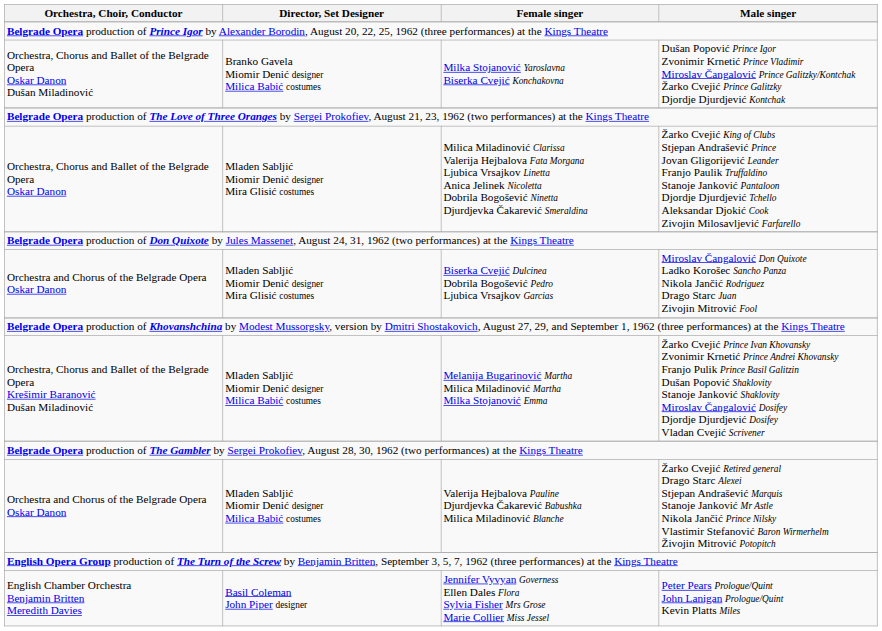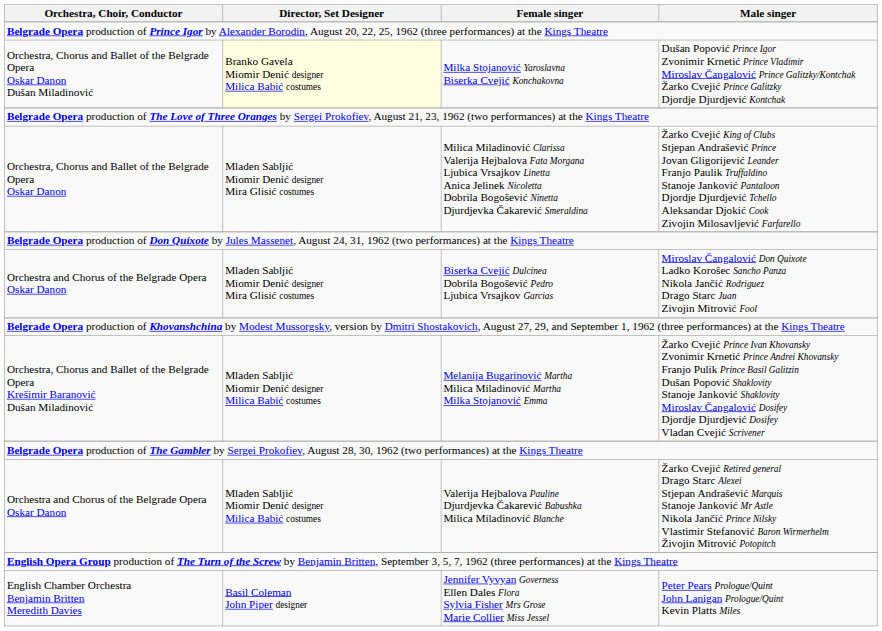 <table class="wikitable toptextcells">
 <tr class="hintergrundfarbe5">
 <th style="width:25%;">Orchestra, Choir, Conductor</th>
 <th style="width:25%;">Director, Set Designer</th>
 <th style="width:25%;">Female singer</th>
 <th style="width:25%;">Male singer</th>
 </tr>
 <tr>
 </tr>
 <tr class="hintergrundfarbe8">
 <td colspan="9"><strong><a href='#'>Belgrade Opera</a></strong> production of <strong><em><a href='#'>Prince Igor</a></em></strong> by <a href='#'>Alexander Borodin</a>, August 20, 22, 25, 1962 (three performances) at the <a href='#'>Kings Theatre</a></td>
 </tr>
 <tr>
 <td>Orchestra, Chorus and Ballet of the Belgrade Opera<br><a href='#'>Oskar Danon</a><br>Dušan Miladinović</td>
-<td>Branko Gavela<br>Miomir Denić  <small>designer</small><br><a href='#'>Milica Babić</a> <small>costumes</small></td>
+<td style="background: lightyellow;">Branko Gavela<br>Miomir Denić  <small>designer</small><br><a href='#'>Milica Babić</a> <small>costumes</small></td>
 <td><a href='#'>Milka Stojanović</a> <small><em>Yaroslavna</em></small><br><a href='#'>Biserka Cvejić</a> <small><em>Konchakovna</em></small></td>
 <td>Dušan Popović <small><em>Prince Igor</em></small><br>Zvonimir Krnetić <small><em>Prince Vladimir</em></small><br><a href='#'>Miroslav Čangalović</a> <small><em>Prince Galitzky/Kontchak</em></small><br>Žarko Cvejić <small><em>Prince Galitzky</em></small><br>Djordje Djurdjević <small><em>Kontchak</em></small></td>
 </tr>
 <tr>
 </tr>
 <tr class="hintergrundfarbe8">
 <td colspan="9"><strong><a href='#'>Belgrade Opera</a></strong> production of <strong><em><a href='#'>The Love of Three Oranges</a></em></strong> by <a href='#'>Sergei Prokofiev</a>, August 21, 23, 1962 (two performances) at the <a href='#'>Kings Theatre</a></td>
 </tr>
 <tr>
 <td>Orchestra, Chorus and Ballet of the Belgrade Opera<br><a href='#'>Oskar Danon</a></td>
 <td>Mladen Sabljić<br>Miomir Denić  <small>designer</small><br>Mira Glisić  <small>costumes</small></td>
 <td>Milica Miladinović <small><em>Clarissa</em></small><br>Valerija Hejbalova <small><em>Fata Morgana</em></small><br>Ljubica Vrsajkov <small><em>Linetta</em></small><br>Anica Jelinek <small><em>Nicoletta</em></small><br>Dobrila Bogošević <small><em>Ninetta</em></small><br>Djurdjevka Čakarević <small><em>Smeraldina</em></small><br></td>
 <td>Žarko Cvejić <small><em>King of Clubs</em></small><br>Stjepan Andrašević <small><em>Prince</em></small><br>Jovan Gligorijević <small><em>Leander</em></small><br>Franjo Paulik <small><em>Truffaldino</em></small><br>Stanoje Janković <small><em>Pantaloon</em></small><br>Djordje Djurdjević <small><em>Tchello</em></small><br>Aleksandar Djokić <small><em>Cook</em></small><br>Zivojin Milosavljević <small><em>Farfarello</em></small></td>
 </tr>
 <tr>
 </tr>
 <tr class="hintergrundfarbe8">
 <td colspan="9"><strong><a href='#'>Belgrade Opera</a></strong> production of <strong><em><a href='#'>Don Quixote</a></em></strong> by <a href='#'>Jules Massenet</a>, August 24, 31, 1962 (two performances) at the <a href='#'>Kings Theatre</a></td>
 </tr>
 <tr>
 <td>Orchestra and Chorus of the Belgrade Opera<br><a href='#'>Oskar Danon</a></td>
 <td>Mladen Sabljić<br>Miomir Denić  <small>designer</small><br>Mira Glisić  <small>costumes</small></td>
 <td><a href='#'>Biserka Cvejić</a> <small><em>Dulcinea</em></small><br>Dobrila Bogošević <small><em>Pedro</em></small><br>Ljubica Vrsajkov <small><em>Garcias</em></small></td>
 <td><a href='#'>Miroslav Čangalović</a> <small><em>Don Quixote</em></small><br>Ladko Korošec <small><em>Sancho Panza</em></small><br>Nikola Jančić <small><em>Rodriguez</em></small><br>Drago Starc <small><em>Juan</em></small><br>Zivojin Mitrović <small><em>Fool</em></small></td>
 </tr>
 <tr>
 </tr>
 <tr class="hintergrundfarbe8">
 <td colspan="9"><strong><a href='#'>Belgrade Opera</a></strong> production of <strong><em><a href='#'>Khovanshchina</a></em></strong> by <a href='#'>Modest Mussorgsky</a>, version by <a href='#'>Dmitri Shostakovich</a>, August 27, 29, and September 1, 1962 (three performances) at the <a href='#'>Kings Theatre</a></td>
 </tr>
 <tr>
 <td>Orchestra, Chorus and Ballet of the Belgrade Opera<br><a href='#'>Krešimir Baranović</a><br>Dušan Miladinović</td>
 <td>Mladen Sabljić<br>Miomir Denić  <small>designer</small><br><a href='#'>Milica Babić</a>  <small>costumes</small></td>
 <td><a href='#'>Melanija Bugarinović</a> <small><em>Martha</em></small><br>Milica Miladinović <small><em>Martha</em></small><br><a href='#'>Milka Stojanović</a> <small><em>Emma</em></small></td>
 <td>Žarko Cvejić <small><em>Prince Ivan Khovansky</em></small><br>Zvonimir Krnetić <small><em>Prince Andrei Khovansky</em></small><br>Franjo Pulik <small><em>Prince Basil Galitzin</em></small><br>Dušan Popović <small><em>Shaklovity</em></small><br>Stanoje Janković <small><em>Shaklovity</em></small><br><a href='#'>Miroslav Čangalović</a> <small><em>Dosifey</em></small><br>Djordje Djurdjević <small><em>Dosifey</em></small><br>Vladan Cvejić <small><em>Scrivener</em></small></td>
 </tr>
 <tr>
 </tr>
 <tr class="hintergrundfarbe8">
 <td colspan="9"><strong><a href='#'>Belgrade Opera</a></strong> production of <strong><em><a href='#'>The Gambler</a></em></strong> by <a href='#'>Sergei Prokofiev</a>, August 28, 30, 1962 (two performances) at the <a href='#'>Kings Theatre</a></td>
 </tr>
 <tr>
 <td>Orchestra and Chorus of the Belgrade Opera<br><a href='#'>Oskar Danon</a></td>
 <td>Mladen Sabljić<br>Miomir Denić  <small>designer</small><br><a href='#'>Milica Babić</a>  <small>costumes</small></td>
 <td>Valerija Hejbalova <small><em>Pauline</em></small><br>Djurdjevka Čakarević <small><em>Babushka</em></small><br>Milica Miladinović <small><em>Blanche</em></small></td>
 <td>Žarko Cvejić <small><em>Retired general</em></small><br>Drago Starc <small><em>Alexei</em></small><br>Stjepan Andrašević <small><em>Marquis</em></small><br>Stanoje Janković <small><em>Mr Astle</em></small><br>Nikola Jančić <small><em>Prince Nilsky</em></small><br>Vlastimir Stefanović <small><em>Baron Wirmerhelm</em></small><br>Živojin Mitrović <small><em>Potopitch</em></small></td>
 </tr>
 <tr>
 </tr>
 <tr class="hintergrundfarbe8">
 <td colspan="9"><strong><a href='#'>English Opera Group</a></strong> production of <strong><em><a href='#'>The Turn of the Screw</a></em></strong> by <a href='#'>Benjamin Britten</a>, September 3, 5, 7, 1962 (three performances) at the <a href='#'>Kings Theatre</a></td>
 </tr>
 <tr>
 <td>English Chamber Orchestra<br><a href='#'>Benjamin Britten</a><br><a href='#'>Meredith Davies</a></td>
 <td><a href='#'>Basil Coleman</a><br><a href='#'>John Piper</a>  <small>designer</small></td>
 <td><a href='#'>Jennifer Vyvyan</a> <small><em>Governess</em></small><br>Ellen Dales <small><em>Flora</em></small><br><a href='#'>Sylvia Fisher</a> <small><em>Mrs Grose</em></small><br><a href='#'>Marie Collier</a> <small><em>Miss Jessel</em></small></td>
 <td><a href='#'>Peter Pears</a> <small><em>Prologue/Quint</em></small><br><a href='#'>John Lanigan</a> <small><em>Prologue/Quint</em></small><br>Kevin Platts <small><em>Miles</em></small></td>
 </tr>
 </table>
